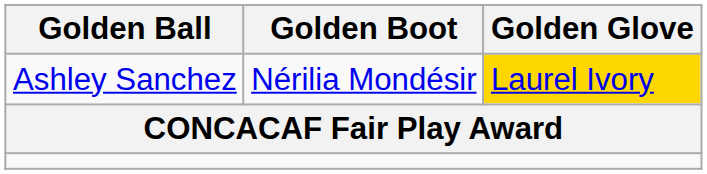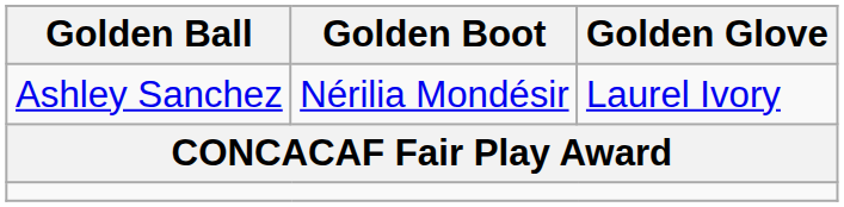 <table class="wikitable" style="margin:auto">
 <tr>
 <th>Golden Ball</th>
 <th>Golden Boot</th>
 <th>Golden Glove</th>
 </tr>
 <tr>
 <td> <a href='#'>Ashley Sanchez</a></td>
 <td> <a href='#'>Nérilia Mondésir</a></td>
-<td style="background: gold;"> <a href='#'>Laurel Ivory</a></td>
+<td> <a href='#'>Laurel Ivory</a></td>
 </tr>
 <tr>
 <th colspan="3">CONCACAF Fair Play Award</th>
 </tr>
 <tr>
 <td colspan="3" style="text-align:center;"></td>
 </tr>
 </table>
